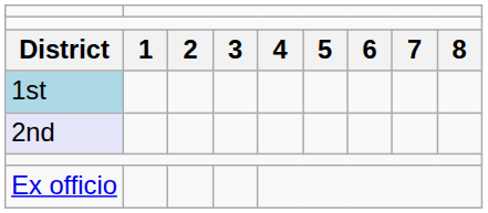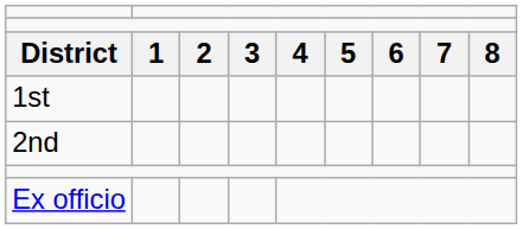 <table class=wikitable>
 <tr>
 <td></td>
 <td colspan=9 bgcolor=></td>
 </tr>
 <tr>
 <td colspan=9></td>
 </tr>
 <tr>
 <th>District</th>
 <th style="width:20px;">1</th>
 <th width=20px>2</th>
 <th width=20px>3</th>
 <th width=20px>4</th>
 <th width=20px>5</th>
 <th width=20px>6</th>
 <th width=20px>7</th>
 <th width=20px>8</th>
 </tr>
 <tr>
-<td style="background: lightblue;">1st</td>
+<td>1st</td>
 <td></td>
 <td></td>
 <td></td>
 <td></td>
 <td></td>
 <td></td>
 <td></td>
 <td></td>
 </tr>
 <tr>
-<td style="background: lavender;">2nd</td>
+<td>2nd</td>
 <td></td>
 <td></td>
 <td></td>
 <td></td>
 <td></td>
 <td></td>
 <td></td>
 <td></td>
 </tr>
 <tr>
 <td colspan=9></td>
 </tr>
 <tr>
 <td><a href='#'>Ex officio</a></td>
 <td></td>
 <td></td>
 <td></td>
 </tr>
 </table>
